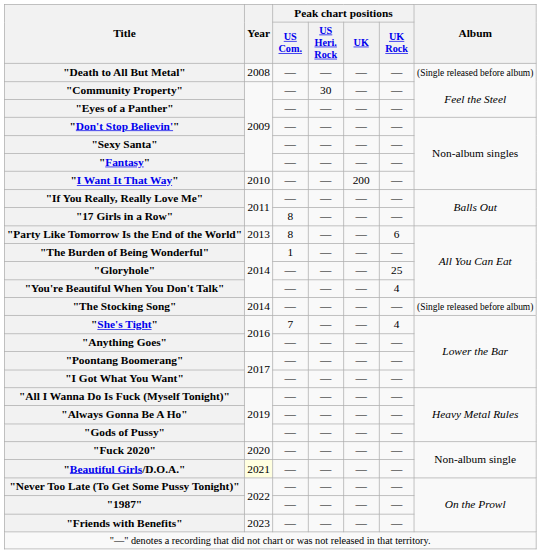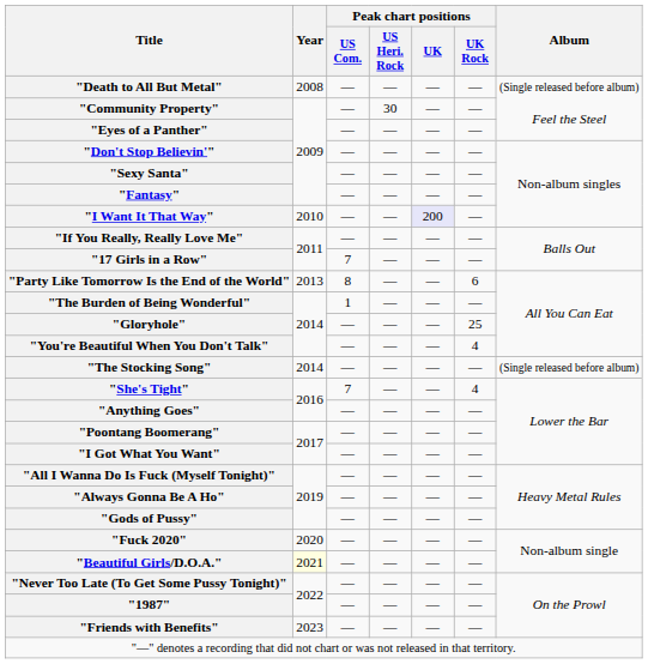 <table class="wikitable plainrowheaders" style="text-align:center;">
 <tr>
 <th scope="col" rowspan="2">Title</th>
 <th scope="col" rowspan="2">Year</th>
 <th scope="col" colspan="4">Peak chart positions</th>
 <th scope="col" rowspan="2">Album</th>
 </tr>
 <tr>
 <th scope="col" style="width:3em;font-size:90%;"><a href='#'>US<br>Com.</a><br></th>
 <th scope="col" style="width:3em;font-size:90%;"><a href='#'>US<br>Heri. Rock</a><br></th>
 <th scope="col" style="width:3em;font-size:90%;"><a href='#'>UK</a><br></th>
 <th scope="col" style="width:3em;font-size:90%;"><a href='#'>UK<br>Rock</a><br></th>
 </tr>
 <tr>
 <th scope="row">"Death to All But Metal"</th>
 <td>2008</td>
 <td>—</td>
 <td>—</td>
 <td>—</td>
 <td>—</td>
 <td style='border-style: solid solid none solid'><small>(Single released before album)</small></td>
 </tr>
 <tr>
 <th scope="row">"Community Property"</th>
 <td rowspan="5">2009</td>
 <td>—</td>
 <td>30</td>
 <td>—</td>
 <td>—</td>
 <td style='border-style: none solid solid none;' rowspan="2"><em>Feel the Steel</em><br></td>
 </tr>
 <tr>
 <th scope="row">"Eyes of a Panther"</th>
 <td>—</td>
 <td>—</td>
 <td>—</td>
 <td>—</td>
 </tr>
 <tr>
 <th scope="row">"<a href='#'>Don't Stop Believin'</a>"</th>
 <td>—</td>
 <td>—</td>
 <td>—</td>
 <td>—</td>
 <td rowspan="4">Non-album singles</td>
 </tr>
 <tr>
 <th scope="row">"Sexy Santa"</th>
 <td>—</td>
 <td>—</td>
 <td>—</td>
 <td>—</td>
 </tr>
 <tr>
 <th scope="row">"<a href='#'>Fantasy</a>"</th>
 <td>—</td>
 <td>—</td>
 <td>—</td>
 <td>—</td>
 </tr>
 <tr>
 <th scope="row">"<a href='#'>I Want It That Way</a>"</th>
 <td>2010</td>
 <td>—</td>
 <td>—</td>
-<td>200</td>
+<td style="background: lavender;">200</td>
 <td>—</td>
 </tr>
 <tr>
 <th scope="row">"If You Really, Really Love Me"</th>
 <td rowspan="2">2011</td>
 <td>—</td>
 <td>—</td>
 <td>—</td>
 <td>—</td>
 <td rowspan="2"><em>Balls Out</em></td>
 </tr>
 <tr>
 <th scope="row">"17 Girls in a Row"</th>
-<td>8</td>
+<td>7</td>
 <td>—</td>
 <td>—</td>
 <td>—</td>
 </tr>
 <tr>
 <th scope="row">"Party Like Tomorrow Is the End of the World"</th>
 <td>2013</td>
 <td>8</td>
 <td>—</td>
 <td>—</td>
 <td>6</td>
 <td rowspan="4"><em>All You Can Eat</em></td>
 </tr>
 <tr>
 <th scope="row">"The Burden of Being Wonderful"</th>
 <td rowspan="3">2014</td>
 <td>1</td>
 <td>—</td>
 <td>—</td>
 <td>—</td>
 </tr>
 <tr>
 <th scope="row">"Gloryhole"</th>
 <td>—</td>
 <td>—</td>
 <td>—</td>
 <td>25</td>
 </tr>
 <tr>
 <th scope="row">"You're Beautiful When You Don't Talk"</th>
 <td>—</td>
 <td>—</td>
 <td>—</td>
 <td>4</td>
 </tr>
 <tr>
 <th scope="row">"The Stocking Song"</th>
 <td>2014</td>
 <td>—</td>
 <td>—</td>
 <td>—</td>
 <td>—</td>
 <td style='border-style: solid solid none solid'><small>(Single released before album)</small></td>
 </tr>
 <tr>
 <th scope="row">"<a href='#'>She's Tight</a>"</th>
 <td rowspan="2">2016</td>
 <td>7</td>
 <td>—</td>
 <td>—</td>
 <td>4</td>
 <td rowspan="4"><em>Lower the Bar</em></td>
 </tr>
 <tr>
 <th scope="row">"Anything Goes"</th>
 <td>—</td>
 <td>—</td>
 <td>—</td>
 <td>—</td>
 </tr>
 <tr>
 <th scope="row">"Poontang Boomerang"</th>
 <td rowspan="2">2017</td>
 <td>—</td>
 <td>—</td>
 <td>—</td>
 <td>—</td>
 </tr>
 <tr>
 <th scope="row">"I Got What You Want"</th>
 <td>—</td>
 <td>—</td>
 <td>—</td>
 <td>—</td>
 </tr>
 <tr>
 <th scope="row">"All I Wanna Do Is Fuck (Myself Tonight)"</th>
 <td rowspan="3">2019</td>
 <td>—</td>
 <td>—</td>
 <td>—</td>
 <td>—</td>
 <td rowspan="3"><em>Heavy Metal Rules</em></td>
 </tr>
 <tr>
 <th scope="row">"Always Gonna Be A Ho"</th>
 <td>—</td>
 <td>—</td>
 <td>—</td>
 <td>—</td>
 </tr>
 <tr>
 <th scope="row">"Gods of Pussy"</th>
 <td>—</td>
 <td>—</td>
 <td>—</td>
 <td>—</td>
 </tr>
 <tr>
 <th scope="row">"Fuck 2020"</th>
 <td>2020</td>
 <td>—</td>
 <td>—</td>
 <td>—</td>
 <td>—</td>
 <td rowspan="2">Non-album single</td>
 </tr>
 <tr>
 <th scope="row">"<a href='#'>Beautiful Girls</a>/D.O.A."</th>
 <td style="background: lightyellow;">2021</td>
 <td>—</td>
 <td>—</td>
 <td>—</td>
 <td>—</td>
 </tr>
 <tr>
 <th scope="row">"Never Too Late (To Get Some Pussy Tonight)"</th>
 <td rowspan="2">2022</td>
 <td>—</td>
 <td>—</td>
 <td>—</td>
 <td>—</td>
 <td rowspan="3"><em>On the Prowl</em></td>
 </tr>
 <tr>
 <th scope="row">"1987"</th>
 <td>—</td>
 <td>—</td>
 <td>—</td>
 <td>—</td>
 </tr>
 <tr>
 <th scope="row">"Friends with Benefits"</th>
 <td>2023</td>
 <td>—</td>
 <td>—</td>
 <td>—</td>
 <td>—</td>
 </tr>
 <tr>
 <td colspan="9" style="font-size:90%">"—" denotes a recording that did not chart or was not released in that territory.</td>
 </tr>
 </table>
